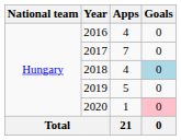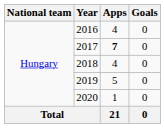 <table class="wikitable" style="text-align:center">
 <tr>
 <th>National team</th>
 <th>Year</th>
 <th>Apps</th>
 <th>Goals</th>
 </tr>
 <tr>
 <td rowspan="5"><a href='#'>Hungary</a></td>
 <td>2016</td>
 <td>4</td>
 <td>0</td>
 </tr>
 <tr>
 <td>2017</td>
-<td>7</td>
+<td><strong>7</strong></td>
 <td>0</td>
 </tr>
 <tr>
 <td>2018</td>
 <td>4</td>
-<td style="background: lightblue;">0</td>
+<td>0</td>
 </tr>
 <tr>
 <td>2019</td>
 <td>5</td>
 <td>0</td>
 </tr>
 <tr>
 <td>2020</td>
 <td>1</td>
-<td style="background: pink;">0</td>
+<td>0</td>
 </tr>
 <tr>
 <th colspan="2">Total</th>
 <th>21</th>
 <th>0</th>
 </tr>
 </table>
